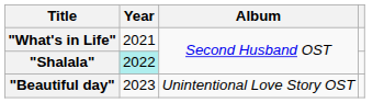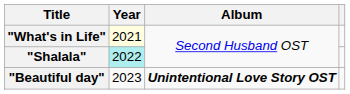 <table class="wikitable plainrowheaders" style="text-align:center">
 <tr>
 <th scope="col">Title</th>
 <th scope="col">Year</th>
 <th>Album</th>
 <th scope="col" class="unsortable"></th>
 </tr>
 <tr>
 <th scope="row">"What's in Life"</th>
-<td>2021</td>
+<td style="background: lightyellow;">2021</td>
 <td rowspan="2"><em><a href='#'>Second Husband</a> OST</em></td>
 <td></td>
 </tr>
 <tr>
 <th scope="row">"Shalala"</th>
 <td style="background: paleturquoise;">2022</td>
 <td></td>
 </tr>
 <tr>
 <th scope="row">"Beautiful day"</th>
 <td>2023</td>
-<td><em>Unintentional Love Story OST</em></td>
+<td><strong><em>Unintentional Love Story OST</em></strong></td>
 <td></td>
 </tr>
 </table>
